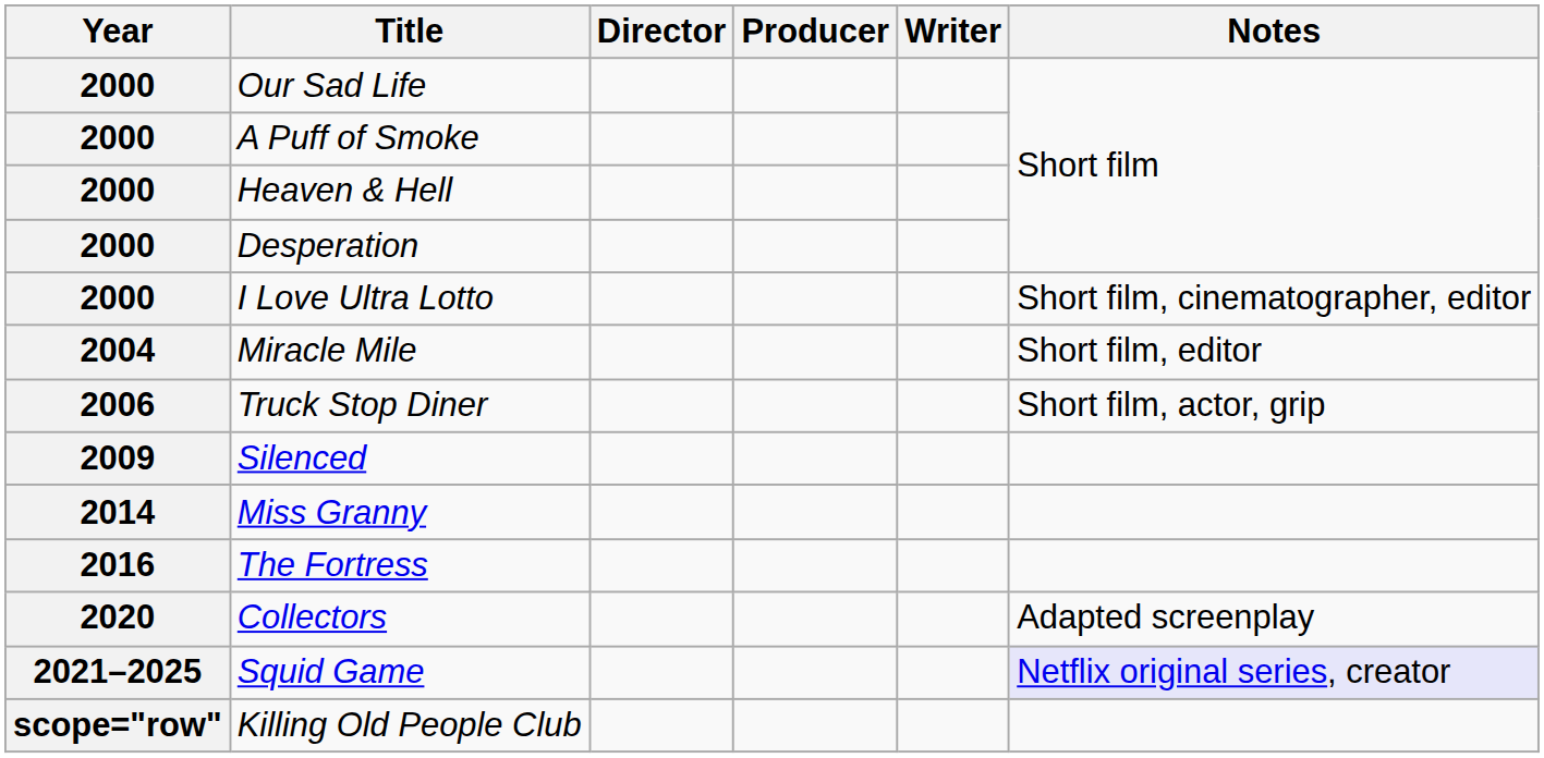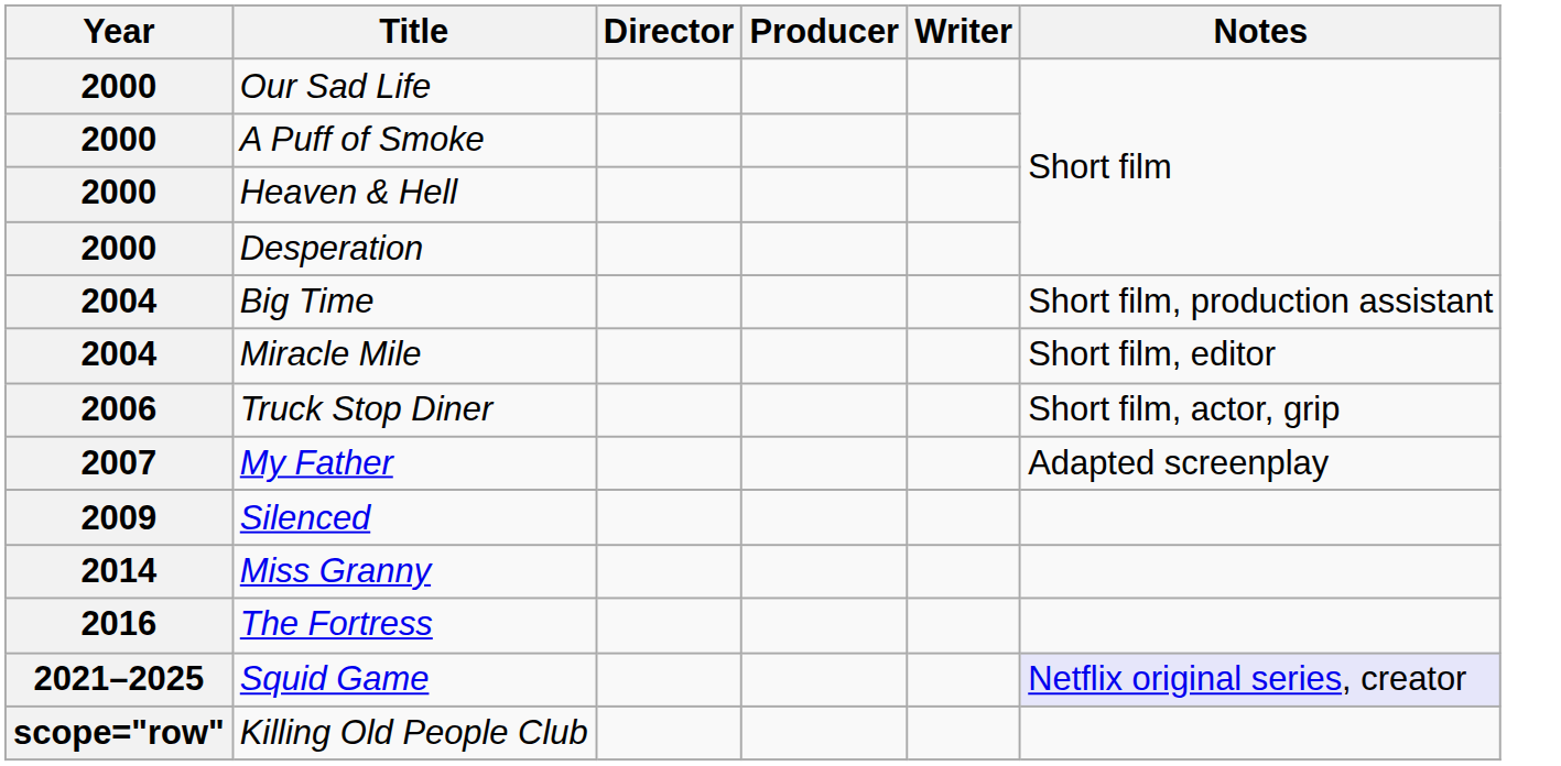 <table class="wikitable sortable plainrowheaders" style="margin-right: 0;">
 <tr>
 <th scope="col">Year</th>
 <th scope="col">Title</th>
 <th scope="col">Director</th>
 <th scope="col">Producer</th>
 <th scope="col">Writer</th>
 <th>Notes</th>
 </tr>
 <tr>
 <th scope="row">2000</th>
 <td><em>Our Sad Life</em></td>
 <td></td>
 <td></td>
 <td></td>
 <td rowspan="4">Short film</td>
 </tr>
 <tr>
 <th scope="row">2000</th>
 <td><em>A Puff of Smoke</em></td>
 <td></td>
 <td></td>
 <td></td>
 </tr>
 <tr>
 <th scope="row">2000</th>
 <td><em>Heaven & Hell</em></td>
 <td></td>
 <td></td>
 <td></td>
 </tr>
 <tr>
 <th scope="row">2000</th>
 <td><em>Desperation</em></td>
 <td></td>
 <td></td>
 <td></td>
 </tr>
 <tr>
-<th scope="row">2000</th>
-<td><em>I Love Ultra Lotto</em></td>
+<th scope="row">2004</th>
+<td><em>Big Time</em></td>
 <td></td>
 <td></td>
 <td></td>
-<td>Short film, cinematographer, editor</td>
+<td>Short film, production assistant</td>
 </tr>
 <tr>
 <th scope="row">2004</th>
 <td><em>Miracle Mile</em></td>
 <td></td>
 <td></td>
 <td></td>
 <td>Short film, editor</td>
 </tr>
 <tr>
 <th scope="row">2006</th>
 <td><em>Truck Stop Diner</em></td>
 <td></td>
 <td></td>
 <td></td>
 <td>Short film, actor, grip</td>
+</tr>
+<tr>
+<th scope="row">2007</th>
+<td><em><a href='#'>My Father</a></em></td>
+<td></td>
+<td></td>
+<td></td>
+<td>Adapted screenplay</td>
 </tr>
 <tr>
 <th scope="row">2009</th>
 <td><em><a href='#'>Silenced</a></em></td>
 <td></td>
 <td></td>
 <td></td>
 <td></td>
 </tr>
 <tr>
 <th scope="row">2014</th>
 <td><em><a href='#'>Miss Granny</a></em></td>
 <td></td>
 <td></td>
 <td></td>
 <td></td>
 </tr>
 <tr>
 <th scope="row">2016</th>
 <td><em><a href='#'>The Fortress</a></em></td>
 <td></td>
 <td></td>
 <td></td>
 <td></td>
 </tr>
 <tr>
-<th scope="row">2020</th>
-<td><em><a href='#'>Collectors</a></em></td>
-<td></td>
-<td></td>
-<td></td>
-<td>Adapted screenplay</td>
-</tr>
-<tr>
 <th scope="row">2021–2025</th>
 <td><em><a href='#'>Squid Game</a></em></td>
 <td></td>
 <td></td>
 <td></td>
 <td style="background: lavender;"><a href='#'>Netflix original series</a>, creator</td>
 </tr>
 <tr>
 <th>scope="row" </th>
 <td><em>Killing Old People Club</em></td>
 <td></td>
 <td></td>
 <td></td>
 <td></td>
 </tr>
 </table>
